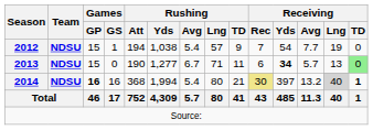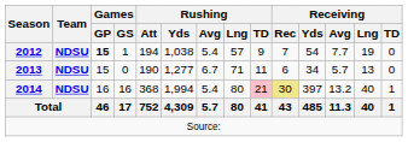 <table class="wikitable" style="text-align: center;">
 <tr>
 <th rowspan="2">Season</th>
 <th rowspan="2">Team</th>
 <th colspan="2">Games</th>
 <th colspan="5">Rushing</th>
 <th colspan="5">Receiving</th>
 </tr>
 <tr>
 <th>GP</th>
 <th>GS</th>
 <th>Att</th>
 <th>Yds</th>
 <th>Avg</th>
 <th>Lng</th>
 <th>TD</th>
 <th>Rec</th>
 <th>Yds</th>
 <th>Avg</th>
 <th>Lng</th>
 <th>TD</th>
 </tr>
 <tr>
 <th><a href='#'>2012</a></th>
 <th><a href='#'>NDSU</a></th>
-<td>15</td>
+<td><strong>15</strong></td>
 <td>1</td>
 <td>194</td>
 <td>1,038</td>
 <td>5.4</td>
 <td>57</td>
 <td>9</td>
 <td>7</td>
 <td>54</td>
 <td>7.7</td>
 <td>19</td>
 <td>0</td>
 </tr>
 <tr>
 <th><a href='#'>2013</a></th>
 <th><a href='#'>NDSU</a></th>
 <td>15</td>
 <td>0</td>
 <td>190</td>
 <td>1,277</td>
 <td>6.7</td>
 <td>71</td>
 <td>11</td>
 <td>6</td>
-<td><strong>34</strong></td>
+<td>34</td>
 <td>5.7</td>
 <td>13</td>
-<td style="background: lightgreen;">0</td>
+<td>0</td>
 </tr>
 <tr>
 <th><a href='#'>2014</a></th>
 <th><a href='#'>NDSU</a></th>
-<td><strong>16</strong></td>
+<td>16</td>
 <td>16</td>
 <td>368</td>
 <td>1,994</td>
 <td>5.4</td>
 <td>80</td>
-<td>21</td>
+<td style="background: pink;">21</td>
 <td style="background: khaki;">30</td>
 <td>397</td>
 <td>13.2</td>
-<td style="background: lightgrey;">40</td>
-<td><strong>1</strong></td>
+<td>40</td>
+<td>1</td>
 </tr>
 <tr>
 <th colspan="2">Total</th>
 <th>46</th>
 <th>17</th>
 <th>752</th>
 <th>4,309</th>
 <th>5.7</th>
 <th>80</th>
 <th>41</th>
 <th>43</th>
 <th>485</th>
 <th>11.3</th>
 <th>40</th>
 <th>1</th>
 </tr>
 <tr>
 <td colspan="14"><small>Source: </small></td>
 </tr>
 </table>
